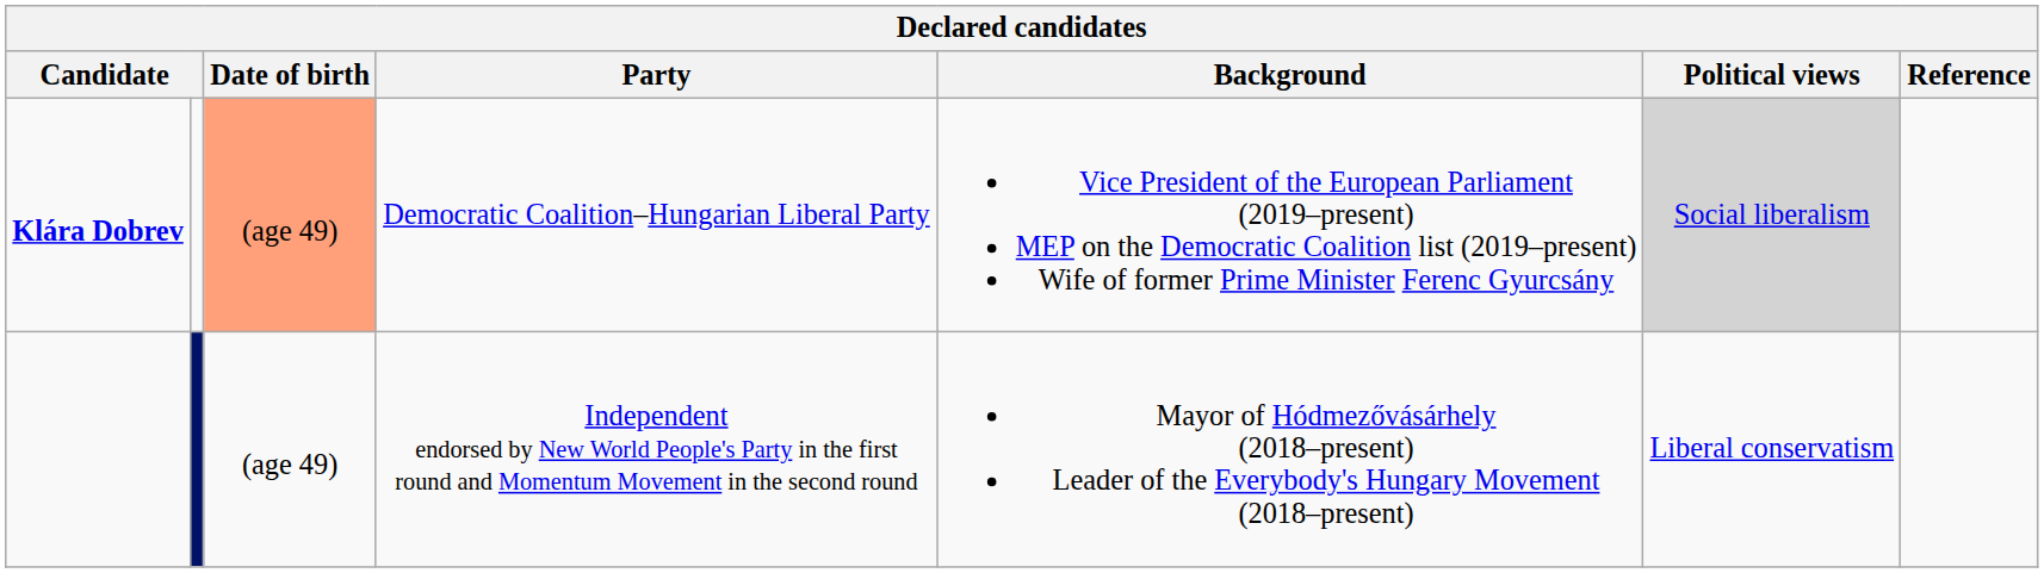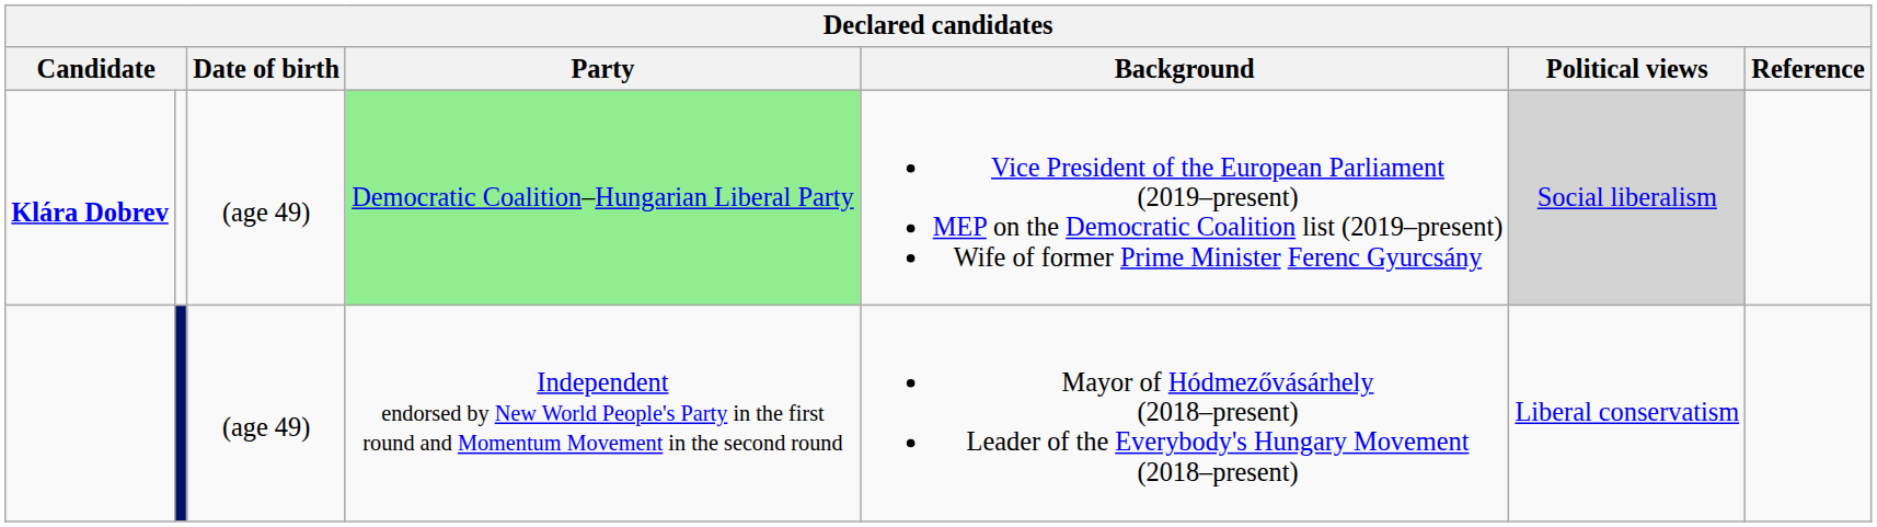 <table class="wikitable sortable collapsible " style="text-align:center;">
 <tr>
 <th colspan="7">Declared candidates</th>
 </tr>
 <tr>
 <th scope="col" colspan="2" style="width:20px;">Candidate</th>
 <th>Date of birth</th>
 <th>Party</th>
 <th>Background</th>
 <th>Political views</th>
 <th>Reference</th>
 </tr>
 <tr>
 <td><br><strong><a href='#'>Klára Dobrev</a></strong></td>
 <td style="background:"></td>
-<td style="background: lightsalmon;"><br>(age 49)</td>
-<td><a href='#'>Democratic Coalition</a>–<a href='#'>Hungarian Liberal Party</a></td>
+<td><br>(age 49)</td>
+<td style="background: lightgreen;"><a href='#'>Democratic Coalition</a>–<a href='#'>Hungarian Liberal Party</a></td>
 <td><br><ul><li><a href='#'>Vice President of the European Parliament</a><br>(2019–present)</li><li><a href='#'>MEP</a> on the <a href='#'>Democratic Coalition</a> list (2019–present)</li><li>Wife of former <a href='#'>Prime Minister</a> <a href='#'>Ferenc Gyurcsány</a></li></ul></td>
 <td style="background: lightgrey;"><a href='#'>Social liberalism</a></td>
 <td></td>
 </tr>
 <tr>
 <td><br></td>
 <td style="background:#001166"></td>
 <td><br>(age 49)</td>
 <td><a href='#'>Independent</a><br><small>endorsed by <a href='#'>New World People's Party</a> in the first<br>round and <a href='#'>Momentum Movement</a> in the second round</small></td>
 <td><br><ul><li>Mayor of <a href='#'>Hódmezővásárhely</a><br>(2018–present)</li><li>Leader of the <a href='#'>Everybody's Hungary Movement</a><br>(2018–present)</li></ul></td>
 <td><a href='#'>Liberal conservatism</a></td>
 <td></td>
 </tr>
 </table>
